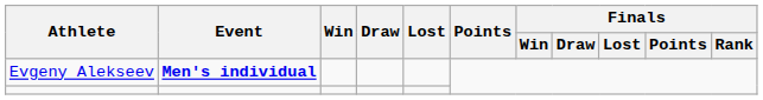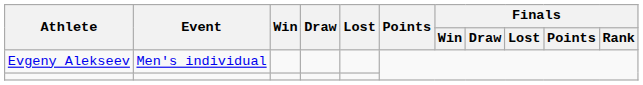 <table class=wikitable style="font-size:90%">
 <tr>
 <th rowspan=2>Athlete</th>
 <th rowspan=2>Event</th>
 <th rowspan=2>Win</th>
 <th rowspan=2>Draw</th>
 <th rowspan=2>Lost</th>
 <th rowspan=2>Points</th>
 <th colspan=5>Finals</th>
 </tr>
 <tr>
 <th>Win</th>
 <th>Draw</th>
 <th>Lost</th>
 <th>Points</th>
 <th>Rank</th>
 </tr>
 <tr>
 <td><a href='#'>Evgeny Alekseev</a></td>
-<td><strong><a href='#'>Men's individual</a></strong></td>
+<td><a href='#'>Men's individual</a></td>
 <td></td>
 <td></td>
 <td></td>
 </tr>
 <tr>
 <td></td>
 <td></td>
 <td></td>
 <td></td>
 <td></td>
 </tr>
 </table>
